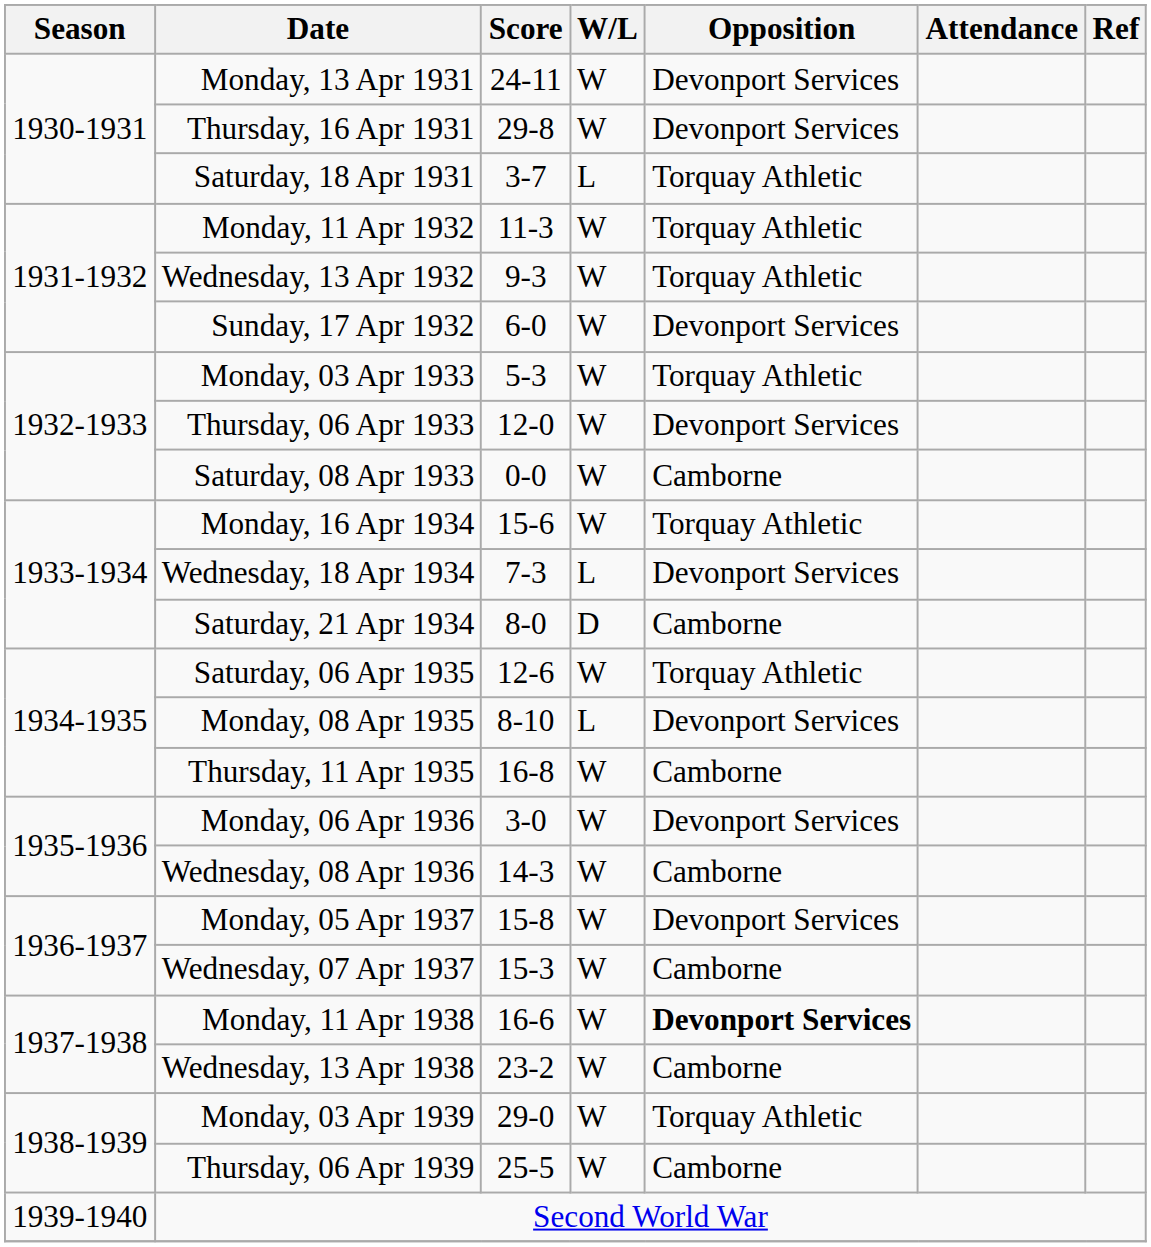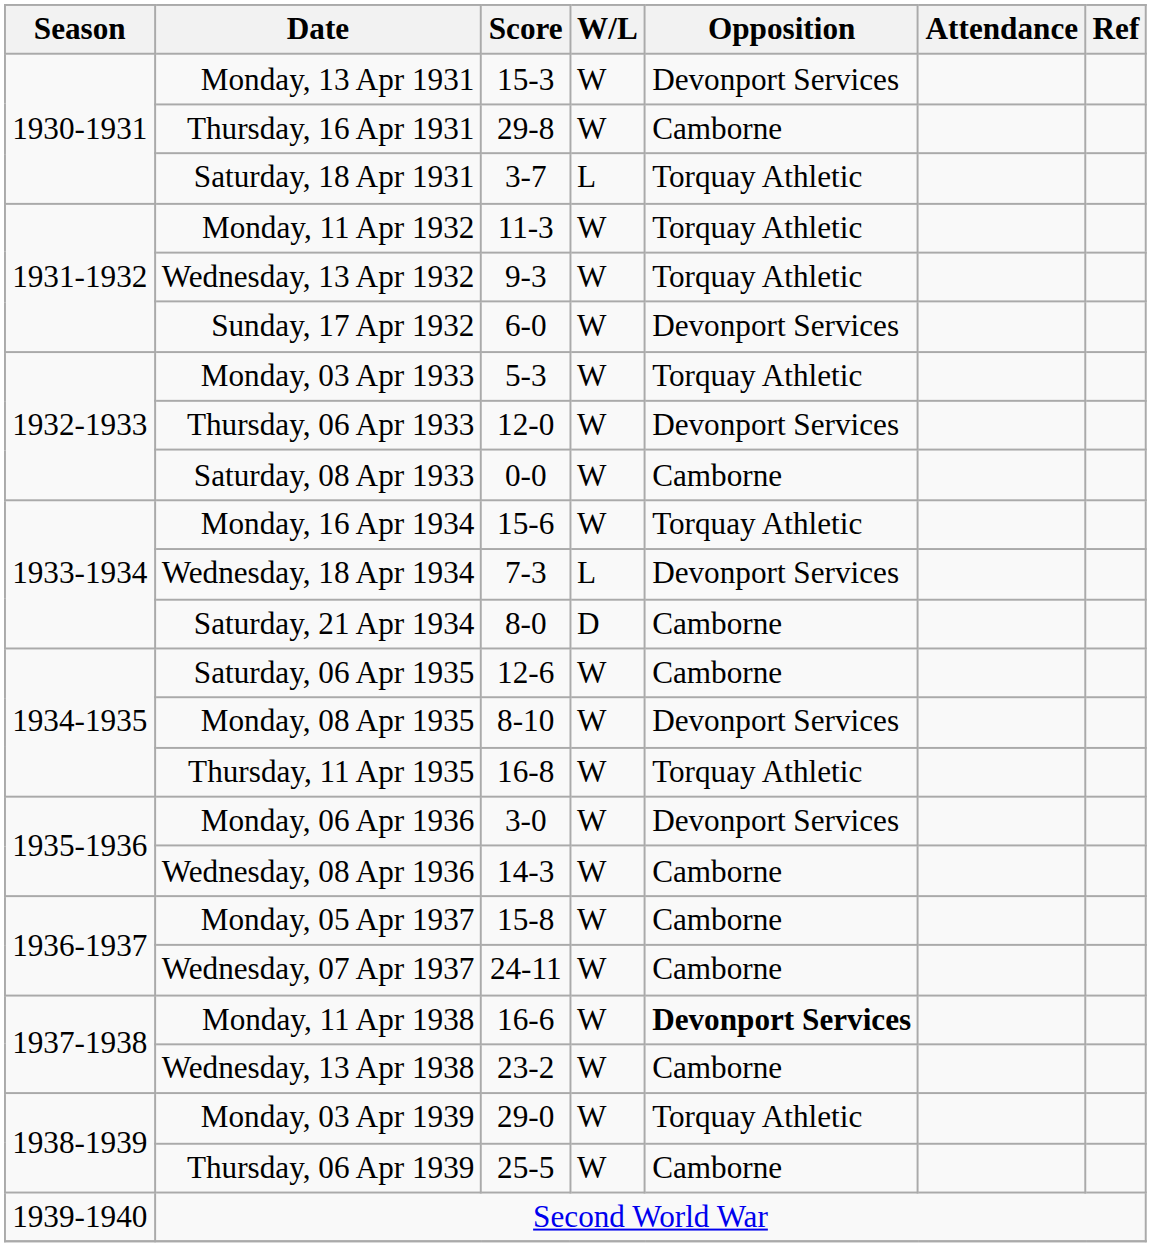 <table class="wikitable">
 <tr>
 <th>Season</th>
 <th>Date</th>
 <th>Score</th>
 <th>W/L</th>
 <th>Opposition</th>
 <th>Attendance</th>
 <th>Ref</th>
 </tr>
 <tr>
 <td rowspan=3>1930-1931</td>
 <td style="text-align:right;">Monday, 13 Apr 1931</td>
-<td style="text-align:center;">24-11</td>
+<td style="text-align:center;">15-3</td>
 <td style="text-align:left;">W</td>
 <td>Devonport Services</td>
 <td></td>
 </tr>
 <tr>
 <td style="text-align:right;">Thursday, 16 Apr 1931</td>
 <td style="text-align:center;">29-8</td>
 <td style="text-align:left;">W</td>
-<td>Devonport Services</td>
+<td>Camborne</td>
 <td></td>
 <td></td>
 </tr>
 <tr>
 <td style="text-align:right;">Saturday, 18 Apr 1931</td>
 <td style="text-align:center;">3-7</td>
 <td style="text-align:left;">L</td>
 <td>Torquay Athletic</td>
 <td></td>
 <td></td>
 </tr>
 <tr>
 <td rowspan=3>1931-1932</td>
 <td style="text-align:right;">Monday, 11 Apr 1932</td>
 <td style="text-align:center;">11-3</td>
 <td style="text-align:left;">W</td>
 <td>Torquay Athletic</td>
 <td></td>
 </tr>
 <tr>
 <td style="text-align:right;">Wednesday, 13 Apr 1932</td>
 <td style="text-align:center;">9-3</td>
 <td style="text-align:left;">W</td>
 <td>Torquay Athletic</td>
 <td></td>
 <td></td>
 </tr>
 <tr>
 <td style="text-align:right;">Sunday, 17 Apr 1932</td>
 <td style="text-align:center;">6-0</td>
 <td style="text-align:left;">W</td>
 <td>Devonport Services</td>
 <td></td>
 <td></td>
 </tr>
 <tr>
 <td rowspan=3>1932-1933</td>
 <td style="text-align:right;">Monday, 03 Apr 1933</td>
 <td style="text-align:center;">5-3</td>
 <td style="text-align:left;">W</td>
 <td>Torquay Athletic</td>
 <td></td>
 </tr>
 <tr>
 <td style="text-align:right;">Thursday, 06 Apr 1933</td>
 <td style="text-align:center;">12-0</td>
 <td style="text-align:left;">W</td>
 <td>Devonport Services</td>
 <td></td>
 <td></td>
 </tr>
 <tr>
 <td style="text-align:right;">Saturday, 08 Apr 1933</td>
 <td style="text-align:center;">0-0</td>
 <td style="text-align:left;">W</td>
 <td>Camborne</td>
 <td></td>
 <td></td>
 </tr>
 <tr>
 <td rowspan=3>1933-1934</td>
 <td style="text-align:right;">Monday, 16 Apr 1934</td>
 <td style="text-align:center;">15-6</td>
 <td style="text-align:left;">W</td>
 <td>Torquay Athletic</td>
 <td></td>
 </tr>
 <tr>
 <td style="text-align:right;">Wednesday, 18 Apr 1934</td>
 <td style="text-align:center;">7-3</td>
 <td style="text-align:left;">L</td>
 <td>Devonport Services</td>
 <td></td>
 <td></td>
 </tr>
 <tr>
 <td style="text-align:right;">Saturday, 21 Apr 1934</td>
 <td style="text-align:center;">8-0</td>
 <td style="text-align:left;">D</td>
 <td>Camborne</td>
 <td></td>
 <td></td>
 </tr>
 <tr>
 <td rowspan=3>1934-1935</td>
 <td style="text-align:right;">Saturday, 06 Apr 1935</td>
 <td style="text-align:center;">12-6</td>
 <td style="text-align:left;">W</td>
-<td>Torquay Athletic</td>
+<td>Camborne</td>
 <td></td>
 </tr>
 <tr>
 <td style="text-align:right;">Monday, 08 Apr 1935</td>
 <td style="text-align:center;">8-10</td>
-<td style="text-align:left;">L</td>
+<td style="text-align:left;">W</td>
 <td>Devonport Services</td>
 <td></td>
 <td></td>
 </tr>
 <tr>
 <td style="text-align:right;">Thursday, 11 Apr 1935</td>
 <td style="text-align:center;">16-8</td>
 <td style="text-align:left;">W</td>
-<td>Camborne</td>
+<td>Torquay Athletic</td>
 <td></td>
 <td></td>
 </tr>
 <tr>
 <td rowspan=2>1935-1936</td>
 <td style="text-align:right;">Monday, 06 Apr 1936</td>
 <td style="text-align:center;">3-0</td>
 <td style="text-align:left;">W</td>
 <td>Devonport Services</td>
 <td></td>
 </tr>
 <tr>
 <td style="text-align:right;">Wednesday, 08 Apr 1936</td>
 <td style="text-align:center;">14-3</td>
 <td style="text-align:left;">W</td>
 <td>Camborne</td>
 <td></td>
 <td></td>
 </tr>
 <tr>
 <td rowspan=2>1936-1937</td>
 <td style="text-align:right;">Monday, 05 Apr 1937</td>
 <td style="text-align:center;">15-8</td>
 <td style="text-align:left;">W</td>
-<td>Devonport Services</td>
+<td>Camborne</td>
 <td></td>
 </tr>
 <tr>
 <td style="text-align:right;">Wednesday, 07 Apr 1937</td>
-<td style="text-align:center;">15-3</td>
+<td style="text-align:center;">24-11</td>
 <td style="text-align:left;">W</td>
 <td>Camborne</td>
 <td></td>
 <td></td>
 </tr>
 <tr>
 <td rowspan=2>1937-1938</td>
 <td style="text-align:right;">Monday, 11 Apr 1938</td>
 <td style="text-align:center;">16-6</td>
 <td style="text-align:left;">W</td>
 <td><strong>Devonport Services</strong></td>
 <td></td>
 </tr>
 <tr>
 <td style="text-align:right;">Wednesday, 13 Apr 1938</td>
 <td style="text-align:center;">23-2</td>
 <td style="text-align:left;">W</td>
 <td>Camborne</td>
 <td></td>
 <td></td>
 </tr>
 <tr>
 <td rowspan=2>1938-1939</td>
 <td style="text-align:right;">Monday, 03 Apr 1939</td>
 <td style="text-align:center;">29-0</td>
 <td style="text-align:left;">W</td>
 <td>Torquay Athletic</td>
 <td></td>
 </tr>
 <tr>
 <td style="text-align:right;">Thursday, 06 Apr 1939</td>
 <td style="text-align:center;">25-5</td>
 <td style="text-align:left;">W</td>
 <td>Camborne</td>
 <td></td>
 <td></td>
 </tr>
 <tr>
 <td>1939-1940</td>
 <td align=center colspan="7"><a href='#'>Second World War</a></td>
 </tr>
 <tr>
 </tr>
 </table>
